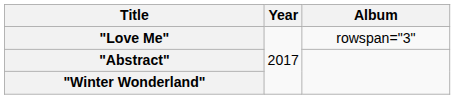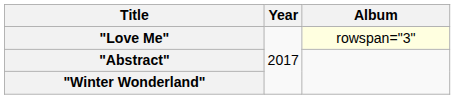 <table class="wikitable plainrowheaders" style="text-align:center">
 <tr>
 <th scope="col" style="width:18em">Title</th>
 <th scope="col" style="width:2em">Year</th>
 <th scope="col" style="width:10em">Album</th>
 </tr>
 <tr>
 <th scope="row">"Love Me"<br> </th>
 <td rowspan="3">2017</td>
-<td>rowspan="3" </td>
+<td style="background: lightyellow;">rowspan="3" </td>
 </tr>
 <tr>
 <th scope="row">"Abstract"<br> </th>
 </tr>
 <tr>
 <th scope="row">"Winter Wonderland"<br> </th>
 </tr>
 </table>
